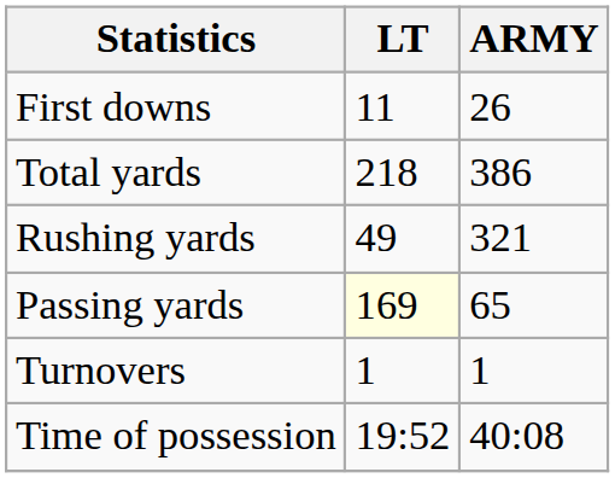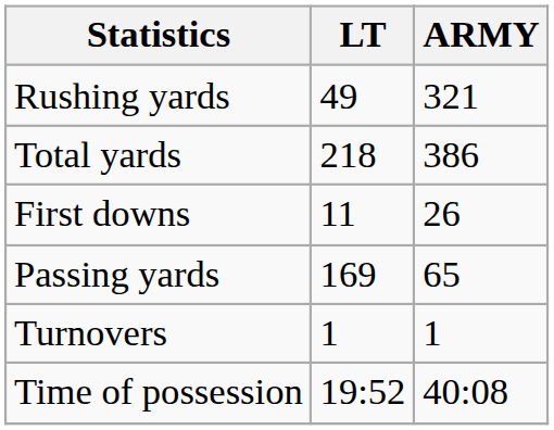 <table class="wikitable" style="float: left;">
 <tr>
 <th>Statistics</th>
 <th>LT</th>
 <th>ARMY</th>
 </tr>
 <tr>
-<td>First downs</td>
-<td>11</td>
-<td>26</td>
+<td>Rushing yards</td>
+<td>49</td>
+<td>321</td>
 </tr>
 <tr>
 <td>Total yards</td>
 <td>218</td>
 <td>386</td>
 </tr>
 <tr>
-<td>Rushing yards</td>
-<td>49</td>
-<td>321</td>
+<td>First downs</td>
+<td>11</td>
+<td>26</td>
 </tr>
 <tr>
 <td>Passing yards</td>
-<td style="background: lightyellow;">169</td>
+<td>169</td>
 <td>65</td>
 </tr>
 <tr>
 <td>Turnovers</td>
 <td>1</td>
 <td>1</td>
 </tr>
 <tr>
 <td>Time of possession</td>
 <td>19:52</td>
 <td>40:08</td>
 </tr>
 <tr>
 </tr>
 </table>
